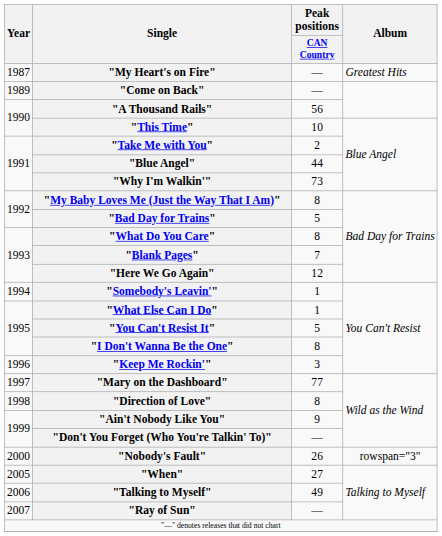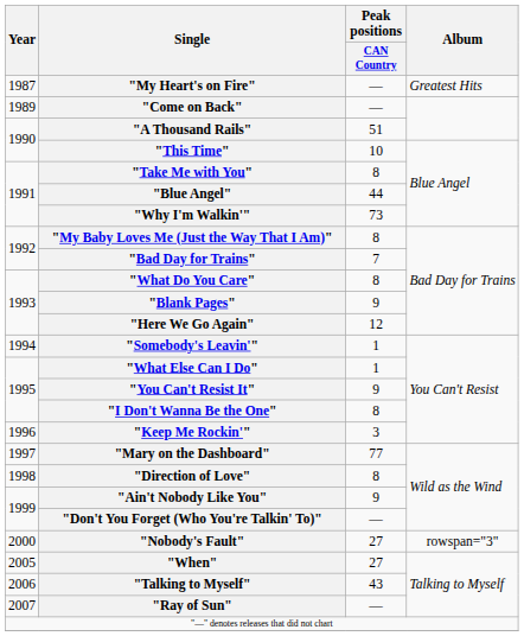 <table class="wikitable plainrowheaders" style="text-align:center;">
 <tr>
 <th rowspan="2">Year</th>
 <th rowspan="2" style="width:22em;">Single</th>
 <th>Peak<br>positions</th>
 <th rowspan="2">Album</th>
 </tr>
 <tr style="font-size:smaller;">
 <th width="65"><a href='#'>CAN Country</a><br></th>
 </tr>
 <tr>
 <td>1987</td>
 <th scope="row">"My Heart's on Fire"</th>
 <td>—</td>
 <td align="left"><em>Greatest Hits</em></td>
 </tr>
 <tr>
 <td>1989</td>
 <th scope="row">"Come on Back"</th>
 <td>—</td>
 </tr>
 <tr>
 <td rowspan="2">1990</td>
 <th scope="row">"A Thousand Rails"</th>
-<td>56</td>
+<td>51</td>
 </tr>
 <tr>
 <th scope="row">"<a href='#'>This Time</a>"</th>
 <td>10</td>
 <td align="left" rowspan="4"><em>Blue Angel</em></td>
 </tr>
 <tr>
 <td rowspan="3">1991</td>
 <th scope="row">"<a href='#'>Take Me with You</a>"</th>
-<td>2</td>
+<td>8</td>
 </tr>
 <tr>
 <th scope="row">"Blue Angel"</th>
 <td>44</td>
 </tr>
 <tr>
 <th scope="row">"Why I'm Walkin'"</th>
 <td>73</td>
 </tr>
 <tr>
 <td rowspan="2">1992</td>
 <th scope="row">"<a href='#'>My Baby Loves Me (Just the Way That I Am)</a>"</th>
 <td>8</td>
 <td align="left" rowspan="5"><em>Bad Day for Trains</em></td>
 </tr>
 <tr>
 <th scope="row">"<a href='#'>Bad Day for Trains</a>"</th>
-<td>5</td>
+<td>7</td>
 </tr>
 <tr>
 <td rowspan="3">1993</td>
 <th scope="row">"<a href='#'>What Do You Care</a>"</th>
 <td>8</td>
 </tr>
 <tr>
 <th scope="row">"<a href='#'>Blank Pages</a>"</th>
-<td>7</td>
+<td>9</td>
 </tr>
 <tr>
 <th scope="row">"Here We Go Again"</th>
 <td>12</td>
 </tr>
 <tr>
 <td>1994</td>
 <th scope="row">"<a href='#'>Somebody's Leavin'</a>"</th>
 <td>1</td>
 <td align="left" rowspan="5"><em>You Can't Resist</em></td>
 </tr>
 <tr>
 <td rowspan="3">1995</td>
 <th scope="row">"<a href='#'>What Else Can I Do</a>"</th>
 <td>1</td>
 </tr>
 <tr>
 <th scope="row">"<a href='#'>You Can't Resist It</a>"</th>
-<td>5</td>
+<td>9</td>
 </tr>
 <tr>
 <th scope="row">"<a href='#'>I Don't Wanna Be the One</a>"</th>
 <td>8</td>
 </tr>
 <tr>
 <td>1996</td>
 <th scope="row">"<a href='#'>Keep Me Rockin'</a>"</th>
 <td>3</td>
 </tr>
 <tr>
 <td>1997</td>
 <th scope="row">"Mary on the Dashboard"</th>
 <td>77</td>
 <td align="left" rowspan="4"><em>Wild as the Wind</em></td>
 </tr>
 <tr>
 <td>1998</td>
 <th scope="row">"Direction of Love"</th>
 <td>8</td>
 </tr>
 <tr>
 <td rowspan="2">1999</td>
 <th scope="row">"Ain't Nobody Like You"</th>
 <td>9</td>
 </tr>
 <tr>
 <th scope="row">"Don't You Forget (Who You're Talkin' To)"</th>
 <td>—</td>
 </tr>
 <tr>
 <td>2000</td>
 <th scope="row">"Nobody's Fault"</th>
-<td>26</td>
+<td>27</td>
 <td>rowspan="3" </td>
 </tr>
 <tr>
 <td>2005</td>
 <th scope="row">"When"</th>
 <td>27</td>
 <td align="left" rowspan="3"><em>Talking to Myself</em></td>
 </tr>
 <tr>
 <td>2006</td>
 <th scope="row">"Talking to Myself"</th>
-<td>49</td>
+<td>43</td>
 </tr>
 <tr>
 <td>2007</td>
 <th scope="row">"Ray of Sun"</th>
 <td>—</td>
 </tr>
 <tr>
 <td colspan="4" style="font-size:8pt">"—" denotes releases that did not chart</td>
 </tr>
 <tr>
 </tr>
 </table>
